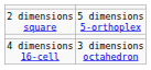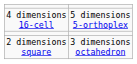 <table class="wikitable floatright">
 <tr>
 <td style="text-align: center;"></td>
 <td style="text-align: center;"></td>
 </tr>
 <tr>
-<td style="text-align: center;">2 dimensions<br><a href='#'>square</a></td>
+<td style="text-align: center;">4 dimensions<br><a href='#'>16-cell</a></td>
 <td style="text-align: center;">5 dimensions<br><a href='#'>5-orthoplex</a></td>
 </tr>
 <tr>
 <td style="text-align: center;"></td>
 <td style="text-align: center;"></td>
 </tr>
 <tr>
-<td style="text-align: center;">4 dimensions<br><a href='#'>16-cell</a></td>
+<td style="text-align: center;">2 dimensions<br><a href='#'>square</a></td>
 <td style="text-align: center;">3 dimensions<br><a href='#'>octahedron</a></td>
 </tr>
 </table>
